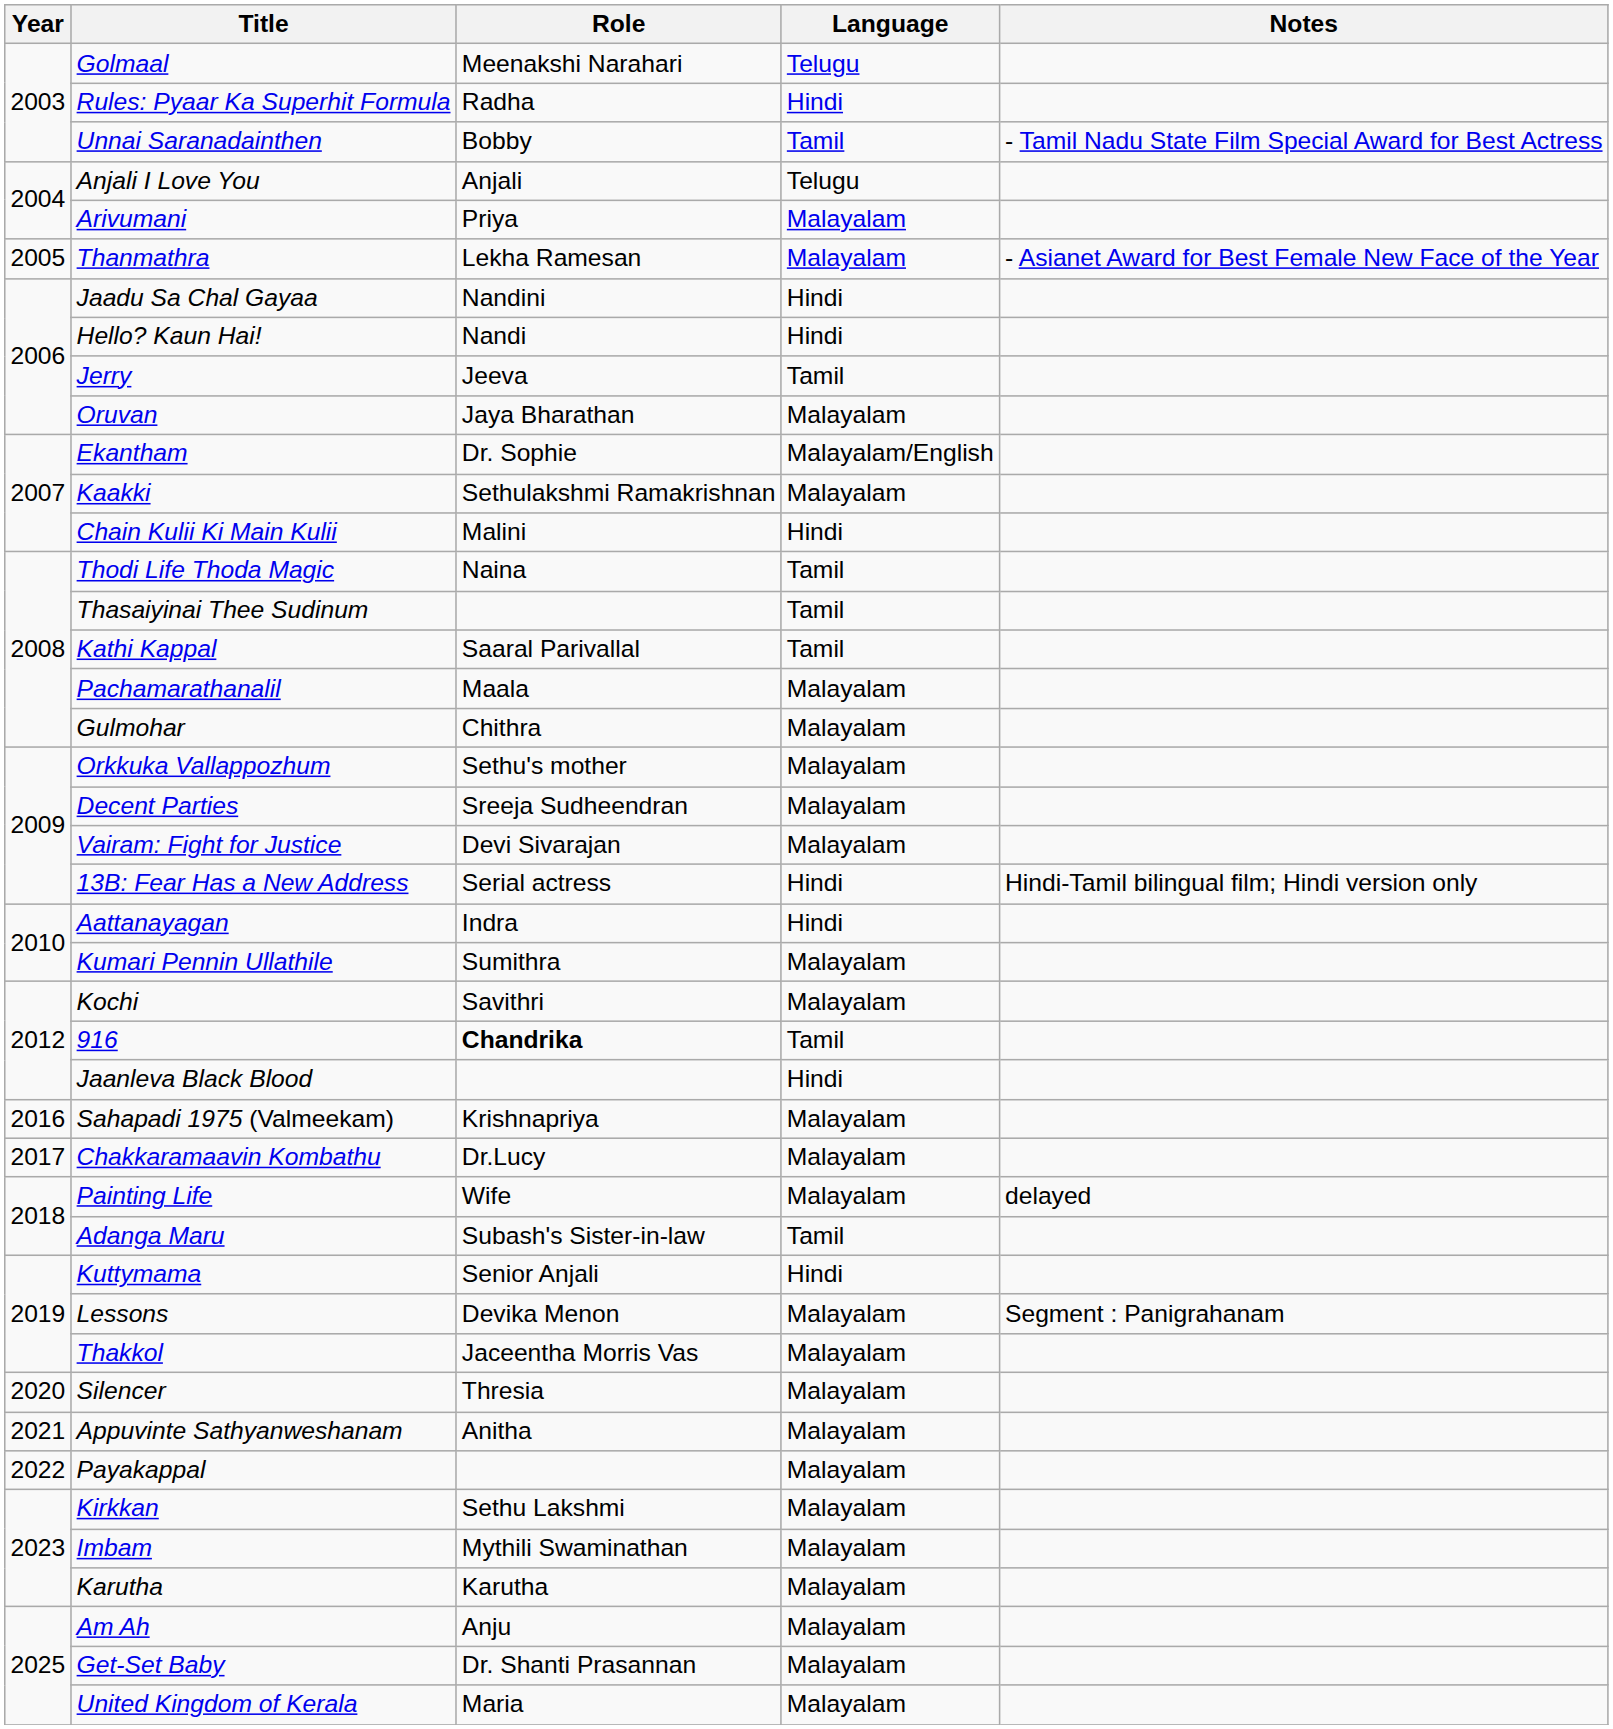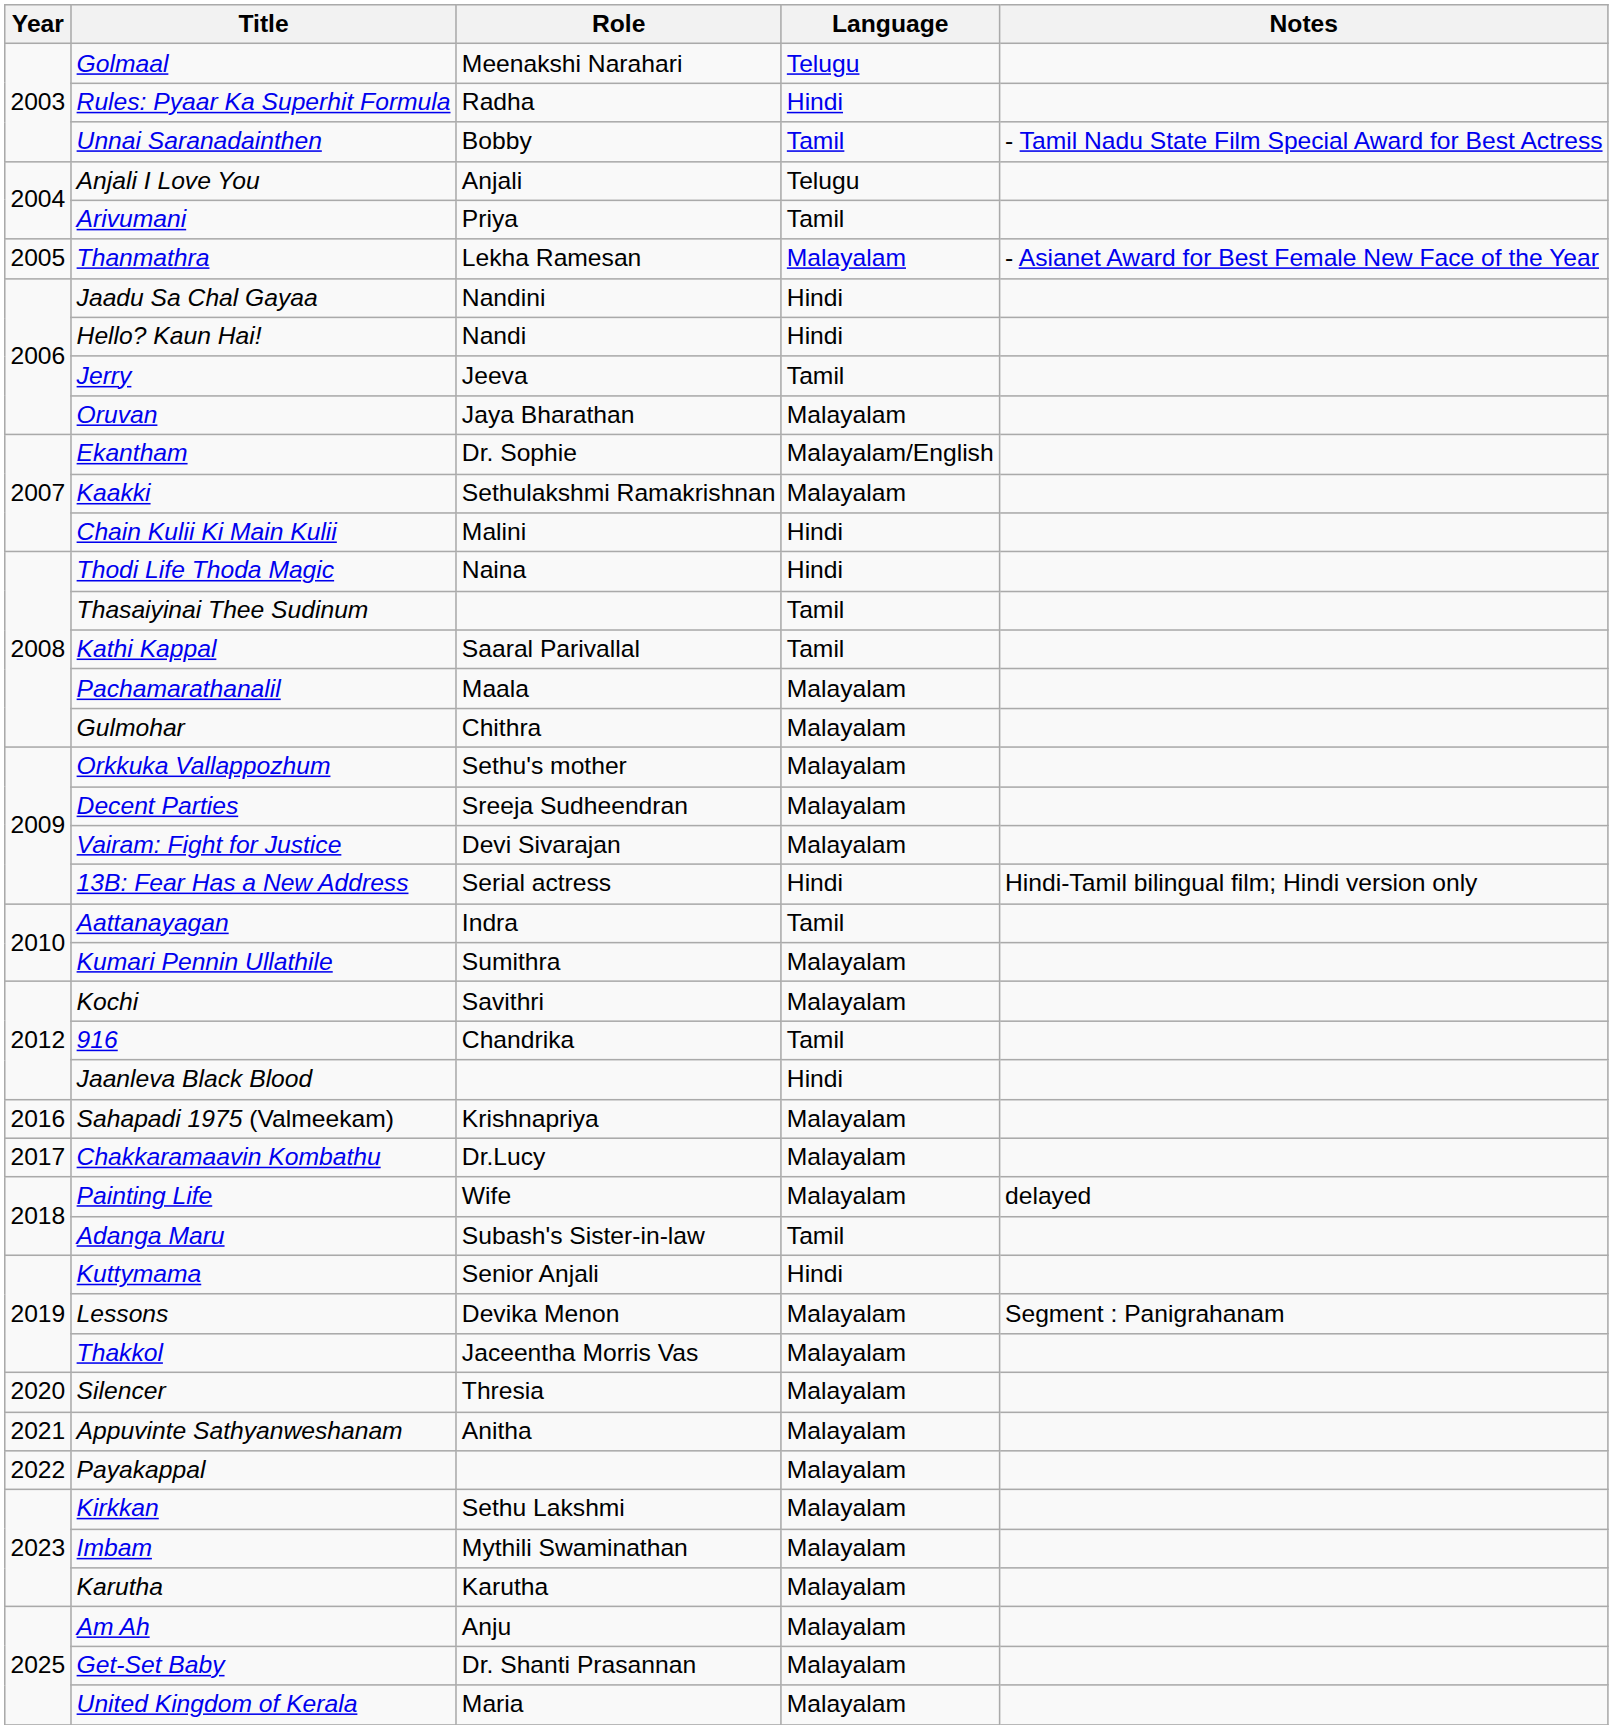 <table class="wikitable sortable">
 <tr>
 <th scope="col">Year</th>
 <th scope="col">Title</th>
 <th scope="col">Role</th>
 <th scope="col">Language</th>
 <th class="unsortable" scope="col">Notes</th>
 </tr>
 <tr>
 <td rowspan="3">2003</td>
 <td><em><a href='#'>Golmaal</a></em></td>
 <td>Meenakshi Narahari</td>
 <td><a href='#'>Telugu</a></td>
 <td></td>
 </tr>
 <tr>
 <td><em><a href='#'>Rules: Pyaar Ka Superhit Formula</a></em></td>
 <td>Radha</td>
 <td><a href='#'>Hindi</a></td>
 <td></td>
 </tr>
 <tr>
 <td><em><a href='#'>Unnai Saranadainthen</a></em></td>
 <td>Bobby</td>
 <td><a href='#'>Tamil</a></td>
 <td> - <a href='#'>Tamil Nadu State Film Special Award for Best Actress</a></td>
 </tr>
 <tr>
 <td rowspan="2">2004</td>
 <td><em>Anjali I Love You</em></td>
 <td>Anjali</td>
 <td>Telugu</td>
 <td></td>
 </tr>
 <tr>
 <td><em><a href='#'>Arivumani</a></em></td>
 <td>Priya</td>
-<td><a href='#'>Malayalam</a></td>
+<td>Tamil</td>
 <td></td>
 </tr>
 <tr>
 <td>2005</td>
 <td><em><a href='#'>Thanmathra</a></em></td>
 <td>Lekha Ramesan</td>
 <td><a href='#'>Malayalam</a></td>
 <td> - <a href='#'>Asianet Award for Best Female New Face of the Year</a></td>
 </tr>
 <tr>
 <td rowspan="4">2006</td>
 <td><em>Jaadu Sa Chal Gayaa</em></td>
 <td>Nandini</td>
 <td>Hindi</td>
 <td></td>
 </tr>
 <tr>
 <td><em>Hello? Kaun Hai!</em></td>
 <td>Nandi</td>
 <td>Hindi</td>
 <td></td>
 </tr>
 <tr>
 <td><em><a href='#'>Jerry</a></em></td>
 <td>Jeeva</td>
 <td>Tamil</td>
 <td></td>
 </tr>
 <tr>
 <td><em><a href='#'>Oruvan</a></em></td>
 <td>Jaya Bharathan</td>
 <td>Malayalam</td>
 <td></td>
 </tr>
 <tr>
 <td rowspan="3">2007</td>
 <td><em><a href='#'>Ekantham</a></em></td>
 <td>Dr. Sophie</td>
 <td>Malayalam/English</td>
 <td></td>
 </tr>
 <tr>
 <td><em><a href='#'>Kaakki</a></em></td>
 <td>Sethulakshmi Ramakrishnan</td>
 <td>Malayalam</td>
 <td></td>
 </tr>
 <tr>
 <td><em><a href='#'>Chain Kulii Ki Main Kulii</a></em></td>
 <td>Malini</td>
 <td>Hindi</td>
 <td></td>
 </tr>
 <tr>
 <td rowspan="5">2008</td>
 <td><em><a href='#'>Thodi Life Thoda Magic</a></em></td>
 <td>Naina</td>
-<td>Tamil</td>
+<td>Hindi</td>
 <td></td>
 </tr>
 <tr>
 <td><em>Thasaiyinai Thee Sudinum</em></td>
 <td></td>
 <td>Tamil</td>
 <td></td>
 </tr>
 <tr>
 <td><em><a href='#'>Kathi Kappal</a></em></td>
 <td>Saaral Parivallal</td>
 <td>Tamil</td>
 <td></td>
 </tr>
 <tr>
 <td><em><a href='#'>Pachamarathanalil</a></em></td>
 <td>Maala</td>
 <td>Malayalam</td>
 <td></td>
 </tr>
 <tr>
 <td><em>Gulmohar</em></td>
 <td>Chithra</td>
 <td>Malayalam</td>
 <td></td>
 </tr>
 <tr>
 <td rowspan="4">2009</td>
 <td><em><a href='#'>Orkkuka Vallappozhum</a></em></td>
 <td>Sethu's mother</td>
 <td>Malayalam</td>
 <td></td>
 </tr>
 <tr>
 <td><em><a href='#'>Decent Parties</a></em></td>
 <td>Sreeja Sudheendran</td>
 <td>Malayalam</td>
 <td></td>
 </tr>
 <tr>
 <td><em><a href='#'>Vairam: Fight for Justice</a></em></td>
 <td>Devi Sivarajan</td>
 <td>Malayalam</td>
 <td></td>
 </tr>
 <tr>
 <td><em><a href='#'>13B: Fear Has a New Address</a></em></td>
 <td>Serial actress</td>
 <td>Hindi</td>
 <td>Hindi-Tamil bilingual film; Hindi version only</td>
 </tr>
 <tr>
 <td rowspan="2">2010</td>
 <td><em><a href='#'>Aattanayagan</a></em></td>
 <td>Indra</td>
-<td>Hindi</td>
+<td>Tamil</td>
 <td></td>
 </tr>
 <tr>
 <td><em><a href='#'>Kumari Pennin Ullathile</a></em></td>
 <td>Sumithra</td>
 <td>Malayalam</td>
 <td></td>
 </tr>
 <tr>
 <td rowspan="3">2012</td>
 <td><em>Kochi</em></td>
 <td>Savithri</td>
 <td>Malayalam</td>
 <td></td>
 </tr>
 <tr>
 <td><em><a href='#'>916</a></em></td>
-<td><strong>Chandrika</strong></td>
+<td>Chandrika</td>
 <td>Tamil</td>
 <td></td>
 </tr>
 <tr>
 <td><em>Jaanleva Black Blood</em></td>
 <td></td>
 <td>Hindi</td>
 <td></td>
 </tr>
 <tr>
 <td>2016</td>
 <td><em>Sahapadi 1975</em> (Valmeekam)</td>
 <td>Krishnapriya</td>
 <td>Malayalam</td>
 <td></td>
 </tr>
 <tr>
 <td>2017</td>
 <td><em><a href='#'>Chakkaramaavin Kombathu</a></em></td>
 <td>Dr.Lucy</td>
 <td>Malayalam</td>
 <td></td>
 </tr>
 <tr>
 <td rowspan=2>2018</td>
 <td><em><a href='#'>Painting Life</a></em></td>
 <td>Wife</td>
 <td>Malayalam</td>
 <td>delayed</td>
 </tr>
 <tr>
 <td><em><a href='#'>Adanga Maru</a></em></td>
 <td>Subash's Sister-in-law</td>
 <td>Tamil</td>
 <td></td>
 </tr>
 <tr>
 <td rowspan=3>2019</td>
 <td><em><a href='#'>Kuttymama</a></em></td>
 <td>Senior Anjali</td>
 <td>Hindi</td>
 <td></td>
 </tr>
 <tr>
 <td><em>Lessons</em></td>
 <td>Devika Menon</td>
 <td>Malayalam</td>
 <td>Segment : Panigrahanam</td>
 </tr>
 <tr>
 <td><em><a href='#'>Thakkol</a></em></td>
 <td>Jaceentha Morris Vas</td>
 <td>Malayalam</td>
 <td></td>
 </tr>
 <tr>
 <td>2020</td>
 <td><em>Silencer</em></td>
 <td>Thresia</td>
 <td>Malayalam</td>
 <td></td>
 </tr>
 <tr>
 <td>2021</td>
 <td><em>Appuvinte Sathyanweshanam</em></td>
 <td>Anitha</td>
 <td>Malayalam</td>
 <td></td>
 </tr>
 <tr>
 <td>2022</td>
 <td><em>Payakappal</em></td>
 <td></td>
 <td>Malayalam</td>
 <td></td>
 </tr>
 <tr>
 <td rowspan=3>2023</td>
 <td><em><a href='#'>Kirkkan</a></em></td>
 <td>Sethu Lakshmi</td>
 <td>Malayalam</td>
 <td></td>
 </tr>
 <tr>
 <td><em><a href='#'>Imbam</a></em></td>
 <td>Mythili Swaminathan</td>
 <td>Malayalam</td>
 <td></td>
 </tr>
 <tr>
 <td><em>Karutha</em></td>
 <td>Karutha</td>
 <td>Malayalam</td>
 <td></td>
 </tr>
 <tr>
 <td rowspan=3>2025</td>
 <td><em><a href='#'>Am Ah</a></em></td>
 <td>Anju</td>
 <td>Malayalam</td>
 <td></td>
 </tr>
 <tr>
 <td><em><a href='#'>Get-Set Baby</a></em></td>
 <td>Dr. Shanti Prasannan</td>
 <td>Malayalam</td>
 <td></td>
 </tr>
 <tr>
 <td><em><a href='#'>United Kingdom of Kerala</a></td>
 <td>Maria</td>
 <td>Malayalam</td>
 <td></td>
 </tr>
 </table>
